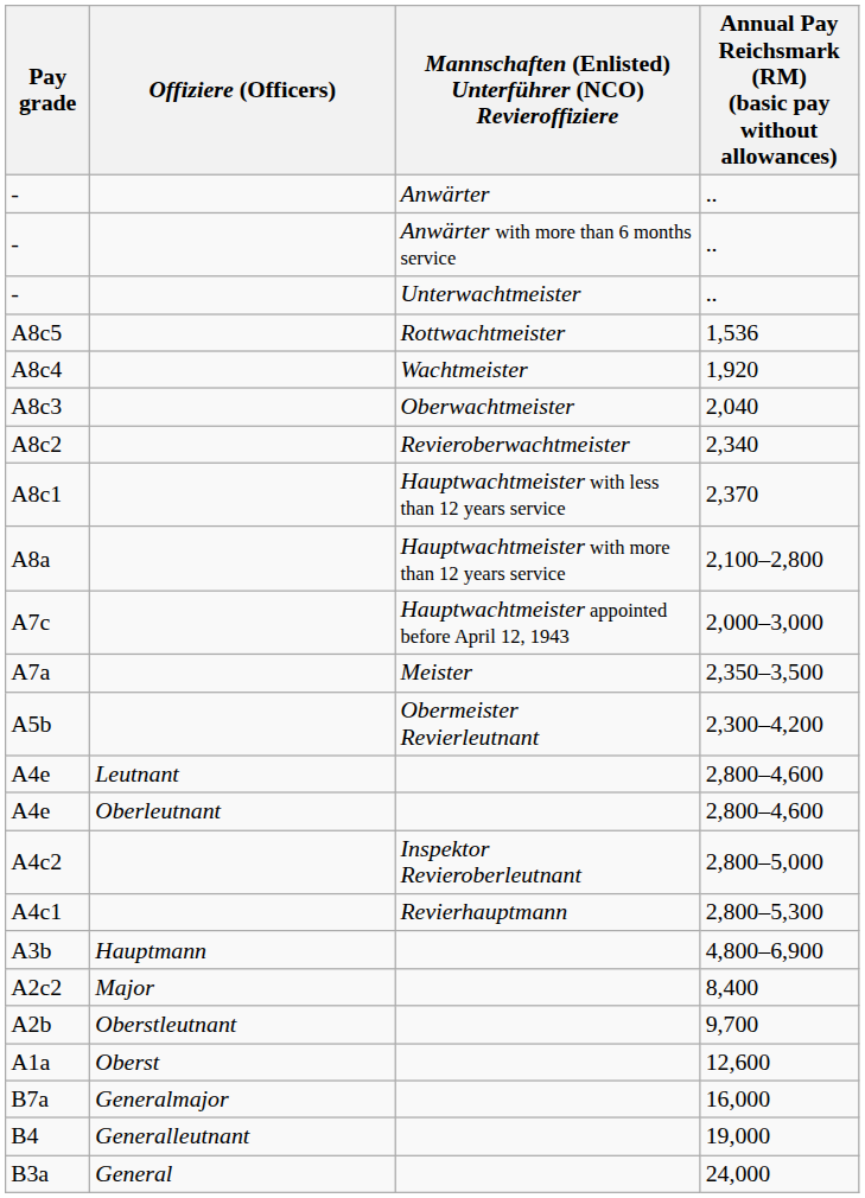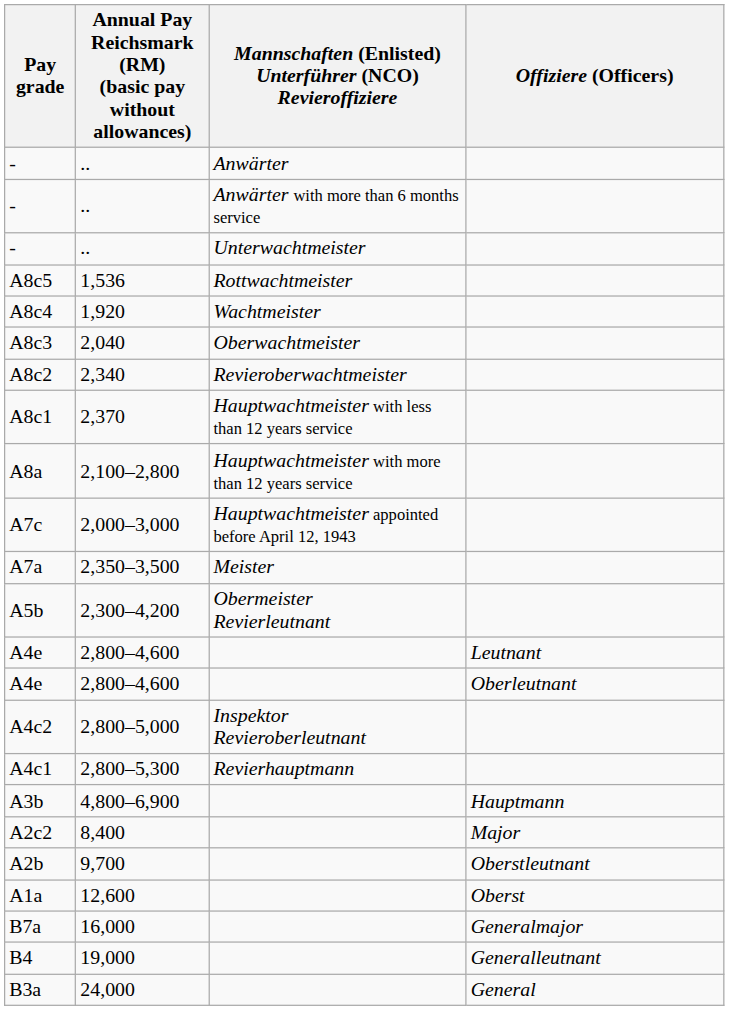 <table class="wikitable">
 <tr align="left" bgcolor="F1F1F1">
 <th width="50">Pay grade </th>
+<th width="100">Annual Pay Reichsmark (RM)<br>(basic pay without allowances)</th>
+<th width="200"><em>Mannschaften</em> (Enlisted)<br><em>Unterführer</em> (NCO) <em>Revieroffiziere</em></th>
 <th width="200"><em>Offiziere</em> (Officers)</th>
-<th width="200"><em>Mannschaften</em> (Enlisted)<br><em>Unterführer</em> (NCO) <em>Revieroffiziere</em></th>
-<th width="100">Annual Pay Reichsmark (RM)<br>(basic pay without allowances)</th>
 </tr>
 <tr>
 <td>-</td>
+<td>..</td>
+<td><em>Anwärter</em></td>
 <td></td>
-<td><em>Anwärter</em></td>
-<td>..</td>
 </tr>
 <tr>
 <td>-</td>
+<td>..</td>
+<td><em>Anwärter</em> <small>with more than 6 months service</small></td>
 <td></td>
-<td><em>Anwärter</em> <small>with more than 6 months service</small></td>
-<td>..</td>
 </tr>
 <tr>
 <td>-</td>
+<td>..</td>
+<td><em>Unterwachtmeister</em></td>
 <td></td>
-<td><em>Unterwachtmeister</em></td>
-<td>..</td>
 </tr>
 <tr>
 <td>A8c5</td>
+<td>1,536</td>
+<td><em>Rottwachtmeister</em></td>
 <td></td>
-<td><em>Rottwachtmeister</em></td>
-<td>1,536</td>
 </tr>
 <tr>
 <td>A8c4</td>
+<td>1,920</td>
+<td><em>Wachtmeister</em></td>
 <td></td>
-<td><em>Wachtmeister</em></td>
-<td>1,920</td>
 </tr>
 <tr>
 <td>A8c3</td>
+<td>2,040</td>
+<td><em>Oberwachtmeister</em></td>
 <td></td>
-<td><em>Oberwachtmeister</em></td>
-<td>2,040</td>
 </tr>
 <tr>
 <td>A8c2</td>
+<td>2,340</td>
+<td><em>Revieroberwachtmeister</em></td>
 <td></td>
-<td><em>Revieroberwachtmeister</em></td>
-<td>2,340</td>
 </tr>
 <tr>
 <td>A8c1</td>
+<td>2,370</td>
+<td><em>Hauptwachtmeister</em><small> with less than 12 years service</small></td>
 <td></td>
-<td><em>Hauptwachtmeister</em><small> with less than 12 years service</small></td>
-<td>2,370</td>
 </tr>
 <tr>
 <td>A8a</td>
+<td>2,100–2,800</td>
+<td><em>Hauptwachtmeister</em><small> with more than 12 years service</small></td>
 <td></td>
-<td><em>Hauptwachtmeister</em><small> with more than 12 years service</small></td>
-<td>2,100–2,800</td>
 </tr>
 <tr>
 <td>A7c</td>
+<td>2,000–3,000</td>
+<td><em>Hauptwachtmeister</em><small> appointed before April 12, 1943</small></td>
 <td></td>
-<td><em>Hauptwachtmeister</em><small> appointed before April 12, 1943</small></td>
-<td>2,000–3,000</td>
 </tr>
 <tr>
 <td>A7a</td>
+<td>2,350–3,500</td>
+<td><em>Meister</em></td>
 <td></td>
-<td><em>Meister</em></td>
-<td>2,350–3,500</td>
 </tr>
 <tr>
 <td>A5b</td>
+<td>2,300–4,200</td>
+<td><em>Obermeister</em> <br><em>Revierleutnant</em></td>
 <td></td>
-<td><em>Obermeister</em> <br><em>Revierleutnant</em></td>
-<td>2,300–4,200</td>
 </tr>
 <tr>
 <td>A4e</td>
+<td>2,800–4,600</td>
+<td></td>
 <td><em>Leutnant</em></td>
-<td></td>
-<td>2,800–4,600</td>
 </tr>
 <tr>
 <td>A4e</td>
+<td>2,800–4,600</td>
+<td></td>
 <td><em>Oberleutnant</em></td>
-<td></td>
-<td>2,800–4,600</td>
 </tr>
 <tr>
 <td>A4c2</td>
+<td>2,800–5,000</td>
+<td><em>Inspektor</em> <br><em>Revieroberleutnant</em></td>
 <td></td>
-<td><em>Inspektor</em> <br><em>Revieroberleutnant</em></td>
-<td>2,800–5,000</td>
 </tr>
 <tr>
 <td>A4c1</td>
+<td>2,800–5,300</td>
+<td><em>Revierhauptmann</em></td>
 <td></td>
-<td><em>Revierhauptmann</em></td>
-<td>2,800–5,300</td>
 </tr>
 <tr>
 <td>A3b</td>
+<td>4,800–6,900</td>
+<td></td>
 <td><em>Hauptmann</em></td>
-<td></td>
-<td>4,800–6,900</td>
 </tr>
 <tr>
 <td>A2c2</td>
+<td>8,400</td>
+<td></td>
 <td><em>Major</em></td>
-<td></td>
-<td>8,400</td>
 </tr>
 <tr>
 <td>A2b</td>
+<td>9,700</td>
+<td></td>
 <td><em>Oberstleutnant</em></td>
-<td></td>
-<td>9,700</td>
 </tr>
 <tr>
 <td>A1a</td>
+<td>12,600</td>
+<td></td>
 <td><em>Oberst</em></td>
-<td></td>
-<td>12,600</td>
 </tr>
 <tr>
 <td>B7a</td>
+<td>16,000</td>
+<td></td>
 <td><em>Generalmajor</em></td>
-<td></td>
-<td>16,000</td>
 </tr>
 <tr>
 <td>B4</td>
+<td>19,000</td>
+<td></td>
 <td><em>Generalleutnant</em></td>
-<td></td>
-<td>19,000</td>
 </tr>
 <tr>
 <td>B3a</td>
+<td>24,000</td>
+<td></td>
 <td><em>General</em></td>
-<td></td>
-<td>24,000</td>
 </tr>
 </table>
